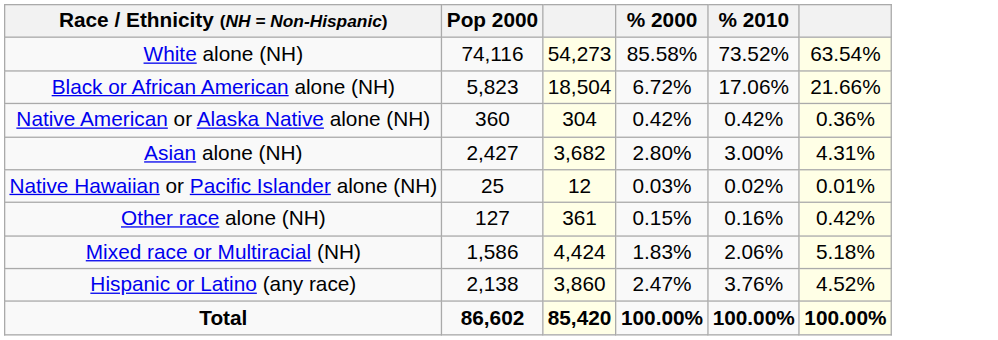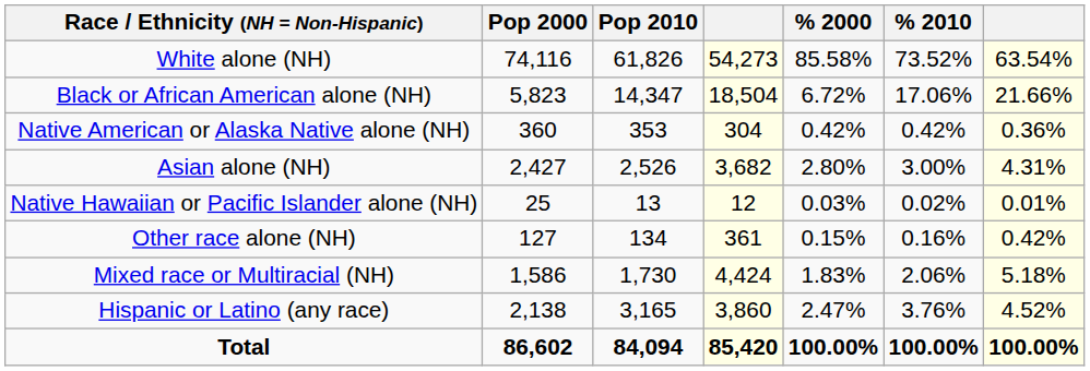 <table class="wikitable" style="text-align:center;">
 <tr>
 <th>Race / Ethnicity <small>(<em>NH = Non-Hispanic</em>)</small></th>
 <th>Pop 2000</th>
+<th>Pop 2010</th>
 <th></th>
 <th>% 2000</th>
 <th>% 2010</th>
 <th></th>
 </tr>
 <tr>
 <td><a href='#'>White</a> alone (NH)</td>
 <td>74,116</td>
+<td>61,826</td>
 <td style='background: #ffffe6;'>54,273</td>
 <td>85.58%</td>
 <td>73.52%</td>
 <td style='background: #ffffe6;'>63.54%</td>
 </tr>
 <tr>
 <td><a href='#'>Black or African American</a> alone (NH)</td>
 <td>5,823</td>
+<td>14,347</td>
 <td style='background: #ffffe6;'>18,504</td>
 <td>6.72%</td>
 <td>17.06%</td>
 <td style='background: #ffffe6;'>21.66%</td>
 </tr>
 <tr>
 <td><a href='#'>Native American</a> or <a href='#'>Alaska Native</a> alone (NH)</td>
 <td>360</td>
+<td>353</td>
 <td style='background: #ffffe6;'>304</td>
 <td>0.42%</td>
 <td>0.42%</td>
 <td style='background: #ffffe6;'>0.36%</td>
 </tr>
 <tr>
 <td><a href='#'>Asian</a> alone (NH)</td>
 <td>2,427</td>
+<td>2,526</td>
 <td style='background: #ffffe6;'>3,682</td>
 <td>2.80%</td>
 <td>3.00%</td>
 <td style='background: #ffffe6;'>4.31%</td>
 </tr>
 <tr>
 <td><a href='#'>Native Hawaiian</a> or <a href='#'>Pacific Islander</a> alone (NH)</td>
 <td>25</td>
+<td>13</td>
 <td style='background: #ffffe6;'>12</td>
 <td>0.03%</td>
 <td>0.02%</td>
 <td style='background: #ffffe6;'>0.01%</td>
 </tr>
 <tr>
 <td><a href='#'>Other race</a> alone (NH)</td>
 <td>127</td>
+<td>134</td>
 <td style='background: #ffffe6;'>361</td>
 <td>0.15%</td>
 <td>0.16%</td>
 <td style='background: #ffffe6;'>0.42%</td>
 </tr>
 <tr>
 <td><a href='#'>Mixed race or Multiracial</a> (NH)</td>
 <td>1,586</td>
+<td>1,730</td>
 <td style='background: #ffffe6;'>4,424</td>
 <td>1.83%</td>
 <td>2.06%</td>
 <td style='background: #ffffe6;'>5.18%</td>
 </tr>
 <tr>
 <td><a href='#'>Hispanic or Latino</a> (any race)</td>
 <td>2,138</td>
+<td>3,165</td>
 <td style='background: #ffffe6;'>3,860</td>
 <td>2.47%</td>
 <td>3.76%</td>
 <td style='background: #ffffe6;'>4.52%</td>
 </tr>
 <tr>
 <td><strong>Total</strong></td>
 <td><strong>86,602</strong></td>
+<td><strong>84,094</strong></td>
 <td style='background: #ffffe6;'><strong>85,420</strong></td>
 <td><strong>100.00%</strong></td>
 <td><strong>100.00%</strong></td>
 <td style='background: #ffffe6;'><strong>100.00%</strong></td>
 </tr>
 </table>
